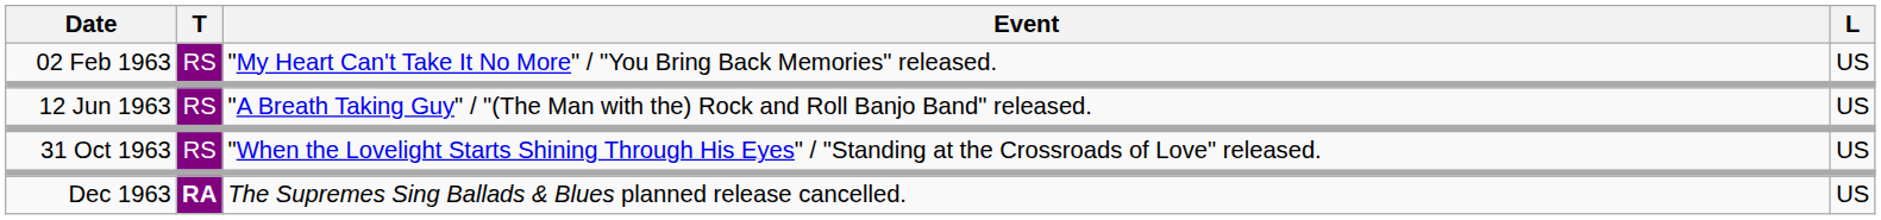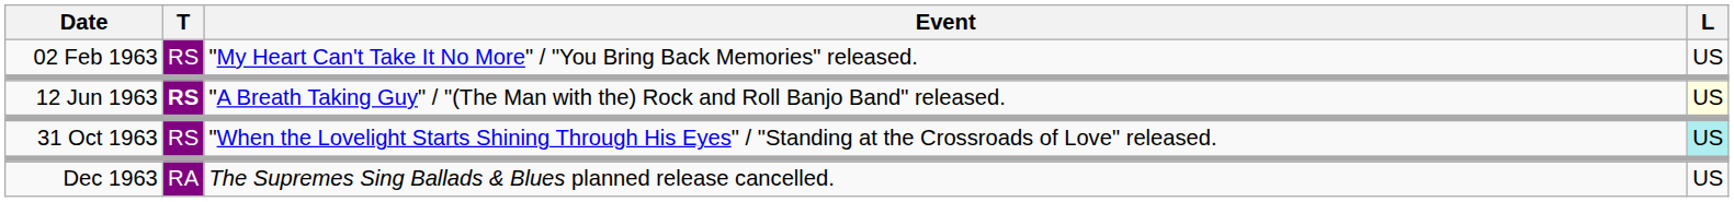 <table class="wikitable" style="text-align: center">
 <tr>
 <th style="width:12ch">Date</th>
 <th style="width:1%">T</th>
 <th>Event</th>
 <th style="width:2%">L</th>
 </tr>
 <tr>
 <td style="text-align: right">02 Feb 1963</td>
 <td style="background:purple; color: white">RS</td>
 <td style="text-align:left;">"<a href='#'>My Heart Can't Take It No More</a>" / "You Bring Back Memories" released.</td>
 <td>US</td>
 </tr>
 <tr>
 <td colspan="6" style="background: #aaa; height: 3px; padding: 0 !important"></td>
 </tr>
 <tr>
 <td style="text-align: right">12 Jun 1963</td>
-<td style="background:purple; color: white">RS</td>
+<td style="background:purple; color: white"><strong>RS</strong></td>
 <td style="text-align:left;">"<a href='#'>A Breath Taking Guy</a>" / "(The Man with the) Rock and Roll Banjo Band" released.</td>
-<td>US</td>
+<td style="background: lightyellow;">US</td>
 </tr>
 <tr>
 <td colspan="6" style="background: #aaa; height: 3px; padding: 0 !important"></td>
 </tr>
 <tr>
 <td style="text-align: right">31 Oct 1963</td>
 <td style="background:purple; color: white">RS</td>
 <td style="text-align:left;">"<a href='#'>When the Lovelight Starts Shining Through His Eyes</a>" / "Standing at the Crossroads of Love" released.</td>
-<td>US</td>
+<td style="background: paleturquoise;">US</td>
 </tr>
 <tr>
 <td colspan="6" style="background: #aaa; height: 3px; padding: 0 !important"></td>
 </tr>
 <tr>
 <td style="text-align: right">Dec 1963</td>
-<td style="background:purple; color: white"><strong>RA</strong></td>
+<td style="background:purple; color: white">RA</td>
 <td style="text-align:left;"><em>The Supremes Sing Ballads & Blues</em> planned release cancelled.</td>
 <td>US</td>
 </tr>
 </table>
